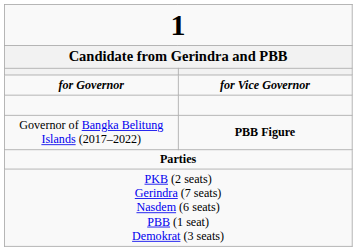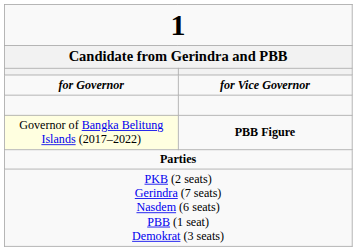 <table class="wikitable" style="font-size:90%; text-align:center;">
 <tr>
 <td colspan=2><big><big><big><big><big><strong>1</strong></big></big></big></big></big></td>
 </tr>
 <tr>
 <th colspan=2><strong><big>Candidate from Gerindra and PBB</big></strong></th>
 </tr>
 <tr>
 <th style="width:3em; font-size:135%; background:#"><a href='#'></a></th>
 <th style="width:3em; font-size:135%; background:#"></th>
 </tr>
 <tr style="color:#000; font-size:100%; background:#">
 <td style="width:3em; width:200px;"><strong><em>for Governor</em></strong></td>
 <td style="width:3em; width:200px;"><strong><em>for Vice Governor</em></strong></td>
 </tr>
 <tr>
 <td><br></td>
 <td></td>
 </tr>
 <tr>
-<td>Governor of <a href='#'>Bangka Belitung Islands</a> (2017–2022)</td>
+<td style="background: lightyellow;">Governor of <a href='#'>Bangka Belitung Islands</a> (2017–2022)</td>
 <td><strong>PBB Figure</strong></td>
 </tr>
 <tr>
 <td colspan=2 style="background:#"><strong>Parties</strong></td>
 </tr>
 <tr>
 <td colspan=2> <a href='#'>PKB</a> (2 seats)<br><a href='#'>Gerindra</a> (7 seats)<br><a href='#'>Nasdem</a> (6 seats)<br><a href='#'>PBB</a> (1 seat)<br><a href='#'>Demokrat</a> (3 seats)</td>
 </tr>
 </table>
